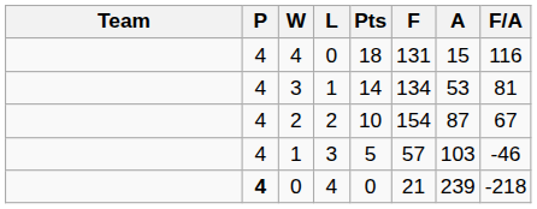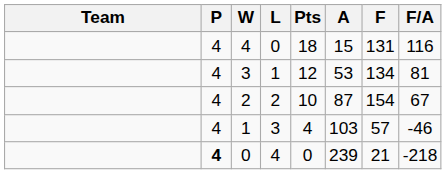 <table class=wikitable style="text-align:center">
 <tr>
 <th width=175>Team</th>
 <th width=20>P</th>
 <th width=20>W</th>
 <th width=20>L</th>
 <th width=20>Pts</th>
+<th width=20>A</th>
 <th width=20>F</th>
-<th width=20>A</th>
 <th width=20>F/A</th>
 </tr>
 <tr>
 <td style="text-align:left;"></td>
 <td>4</td>
 <td>4</td>
 <td>0</td>
 <td>18</td>
+<td>15</td>
 <td>131</td>
-<td>15</td>
 <td>116</td>
 </tr>
 <tr>
 <td style="text-align:left;"></td>
 <td>4</td>
 <td>3</td>
 <td>1</td>
-<td>14</td>
+<td>12</td>
+<td>53</td>
 <td>134</td>
-<td>53</td>
 <td>81</td>
 </tr>
 <tr>
 <td style="text-align:left;"></td>
 <td>4</td>
 <td>2</td>
 <td>2</td>
 <td>10</td>
+<td>87</td>
 <td>154</td>
-<td>87</td>
 <td>67</td>
 </tr>
 <tr>
 <td style="text-align:left;"></td>
 <td>4</td>
 <td>1</td>
 <td>3</td>
-<td>5</td>
+<td>4</td>
+<td>103</td>
 <td>57</td>
-<td>103</td>
 <td>-46</td>
 </tr>
 <tr>
 <td style="text-align:left;"></td>
 <td><strong>4</strong></td>
 <td>0</td>
 <td>4</td>
 <td>0</td>
+<td>239</td>
 <td>21</td>
-<td>239</td>
 <td>-218</td>
 </tr>
 </table>
